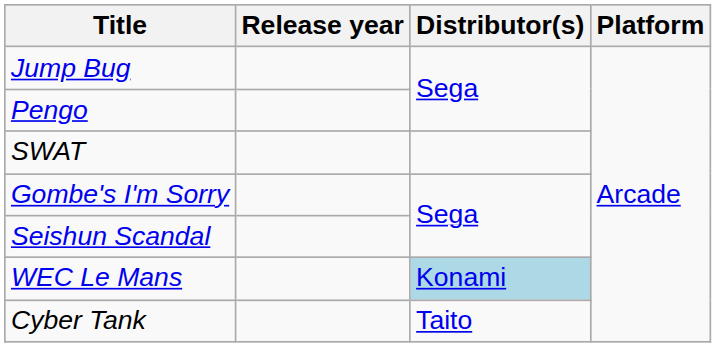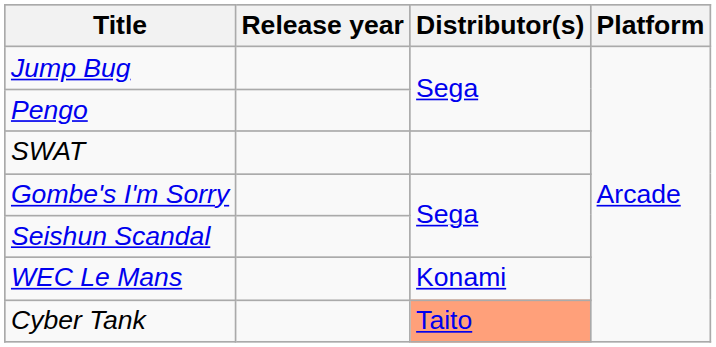 <table class="wikitable sortable" width="auto">
 <tr>
 <th>Title</th>
 <th>Release year</th>
 <th>Distributor(s)</th>
 <th>Platform</th>
 </tr>
 <tr>
 <td><em><a href='#'>Jump Bug</a></em></td>
 <td></td>
 <td rowspan="2"><a href='#'>Sega</a></td>
 <td rowspan="7"><a href='#'>Arcade</a></td>
 </tr>
 <tr>
 <td><em><a href='#'>Pengo</a></em></td>
 <td></td>
 </tr>
 <tr>
 <td><em>SWAT</em></td>
 <td></td>
 <td></td>
 </tr>
 <tr>
 <td><em><a href='#'>Gombe's I'm Sorry</a></em></td>
 <td></td>
 <td rowspan="2"><a href='#'>Sega</a></td>
 </tr>
 <tr>
 <td><em><a href='#'>Seishun Scandal</a></em></td>
 <td></td>
 </tr>
 <tr>
 <td><em><a href='#'>WEC Le Mans</a></em></td>
 <td></td>
-<td style="background: lightblue;"><a href='#'>Konami</a></td>
+<td><a href='#'>Konami</a></td>
 </tr>
 <tr>
 <td><em>Cyber Tank</em></td>
 <td></td>
-<td><a href='#'>Taito</a></td>
+<td style="background: lightsalmon;"><a href='#'>Taito</a></td>
 </tr>
 </table>
